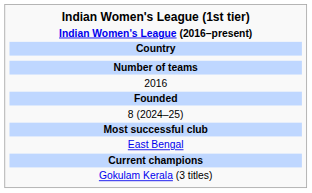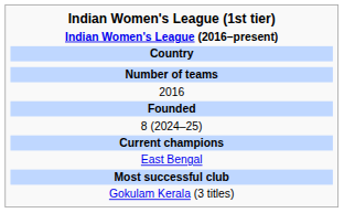 <table class="infobox football" style="width: 22em; text-align: center;">
 <tr>
 <th style="font-size: 14px;">Indian Women's League (1st tier)</th>
 </tr>
 <tr>
 <th style="font-size: 12px;"><a href='#'>Indian Women's League</a> (2016–present)</th>
 </tr>
 <tr>
 <td style="font-size: 12px; background: #BFD7FF;"><strong>Country</strong></td>
 </tr>
 <tr>
 <td style="font-size: 12px;"></td>
 </tr>
 <tr>
 <td style="font-size: 12px; background: #BFD7FF;"><strong>Number of teams</strong></td>
 </tr>
 <tr>
 <td style="font-size: 12px;">2016</td>
 </tr>
 <tr>
 <td style="font-size: 12px; background: #BFD7FF;"><strong>Founded</strong></td>
 </tr>
 <tr>
 <td style="font-size: 12px;">8 (2024–25)</td>
 </tr>
 <tr>
-<td style="font-size: 12px; background: #BFD7FF;"><strong>Most successful club</strong></td>
+<td style="font-size: 12px; background: #BFD7FF;"><strong>Current champions</strong></td>
 </tr>
 <tr>
 <td style="font-size: 12px;"><a href='#'>East Bengal</a></td>
 </tr>
 <tr>
-<td style="font-size: 12px; background: #BFD7FF;"><strong>Current champions</strong></td>
+<td style="font-size: 12px; background: #BFD7FF;"><strong>Most successful club</strong></td>
 </tr>
 <tr>
 <td style="font-size: 12px;"><a href='#'>Gokulam Kerala</a> (3 titles)</td>
 </tr>
 </table>
